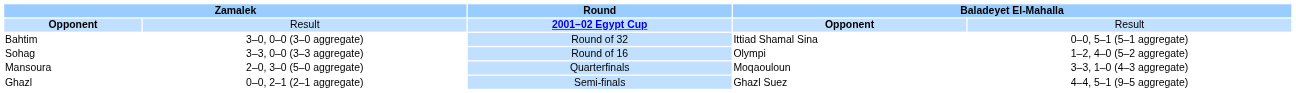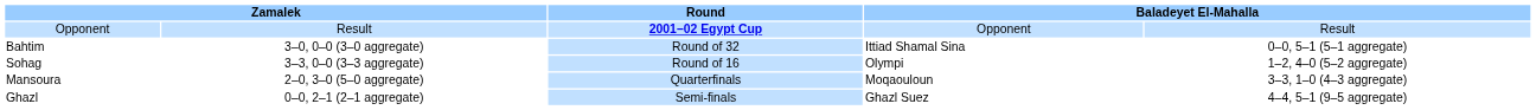 <table style="width:100%; text-align:center;">
 <tr style="vertical-align:top; background:#9cf;">
 <th colspan=2 style="width:1*">Zamalek</th>
 <th><strong>Round</strong></th>
 <th colspan=2 style="width:1*">Baladeyet El-Mahalla</th>
 </tr>
 <tr style="vertical-align:top; background:#c1e0ff;">
-<td><strong>Opponent</strong></td>
+<td>Opponent</td>
 <td>Result</td>
 <td><strong><a href='#'>2001–02 Egypt Cup</a></strong></td>
-<td><strong>Opponent</strong></td>
+<td>Opponent</td>
 <td>Result</td>
 </tr>
 <tr>
 <td align=left>Bahtim</td>
 <td>3–0, 0–0 (3–0 aggregate)</td>
 <td style="background:#c1e0ff;">Round of 32</td>
 <td align=left>Ittiad Shamal Sina</td>
 <td>0–0, 5–1 (5–1 aggregate)</td>
 </tr>
 <tr>
 <td align=left>Sohag</td>
 <td>3–3, 0–0 (3–3 aggregate)</td>
 <td style="background:#c1e0ff;">Round of 16</td>
 <td align=left>Olympi</td>
 <td>1–2, 4–0 (5–2 aggregate)</td>
 </tr>
 <tr>
 <td align=left>Mansoura</td>
 <td>2–0, 3–0 (5–0 aggregate)</td>
 <td style="background:#c1e0ff;">Quarterfinals</td>
 <td align=left>Moqaouloun</td>
 <td>3–3, 1–0 (4–3 aggregate)</td>
 </tr>
 <tr>
 <td align=left>Ghazl</td>
 <td>0–0, 2–1 (2–1 aggregate)</td>
 <td style="background:#c1e0ff;">Semi-finals</td>
 <td align=left>Ghazl Suez</td>
 <td>4–4, 5–1 (9–5 aggregate)</td>
 </tr>
 </table>
